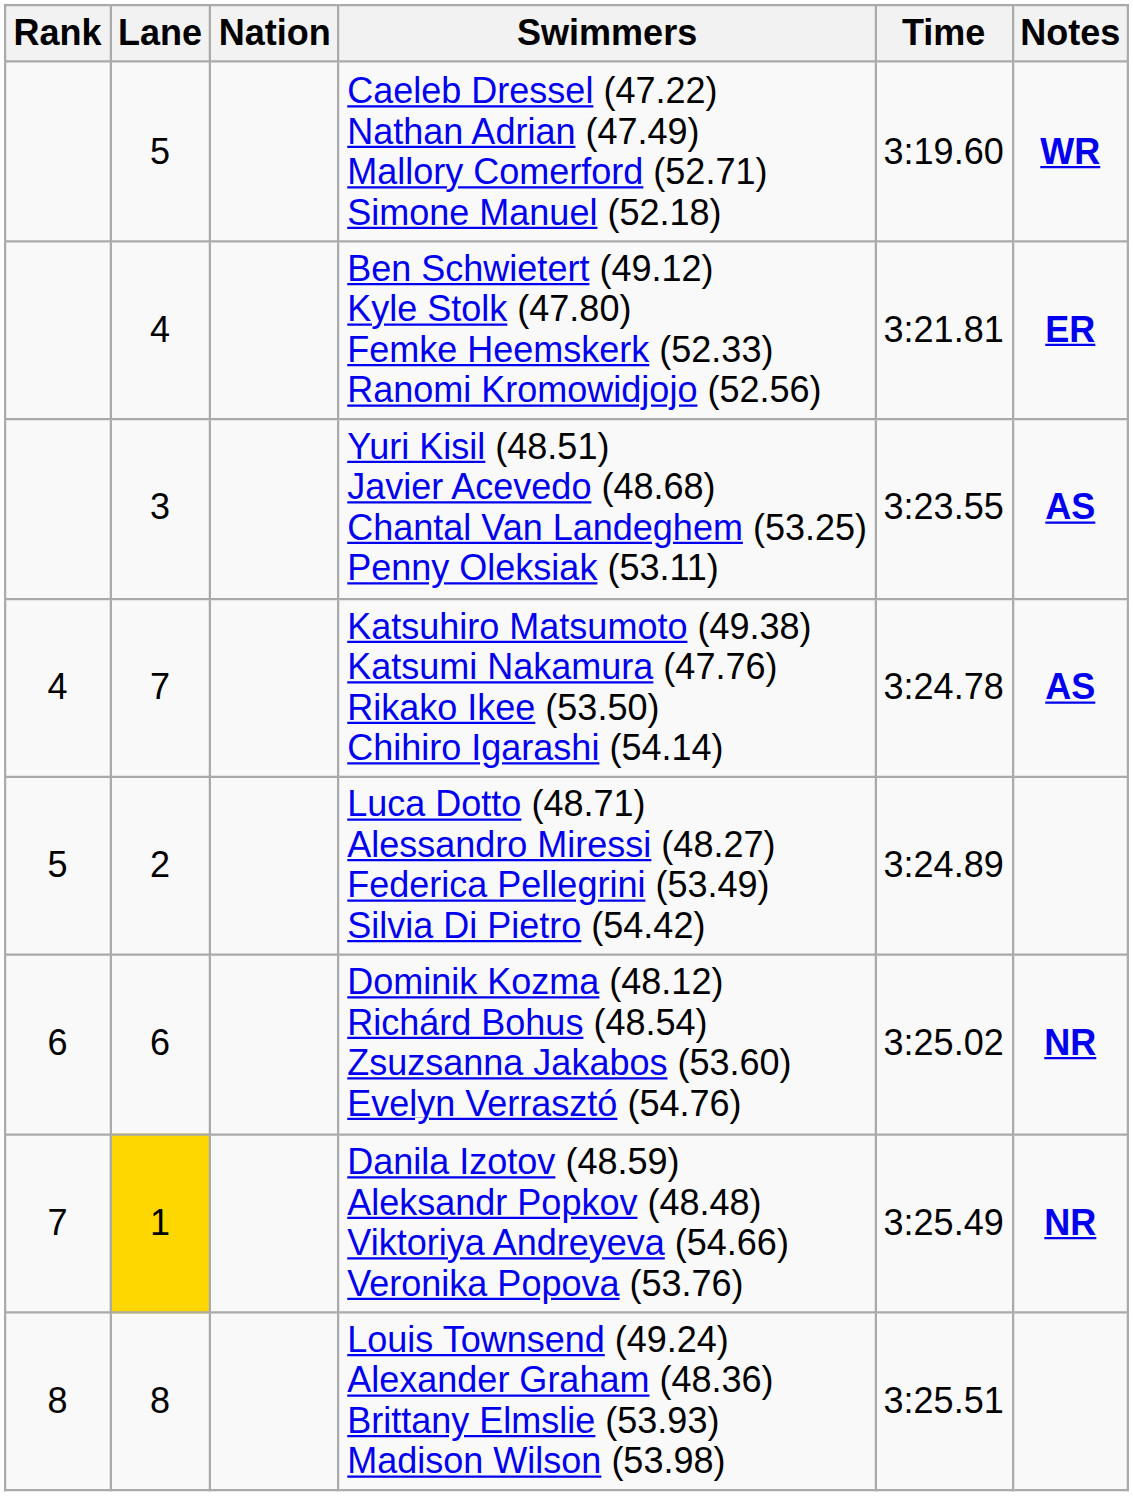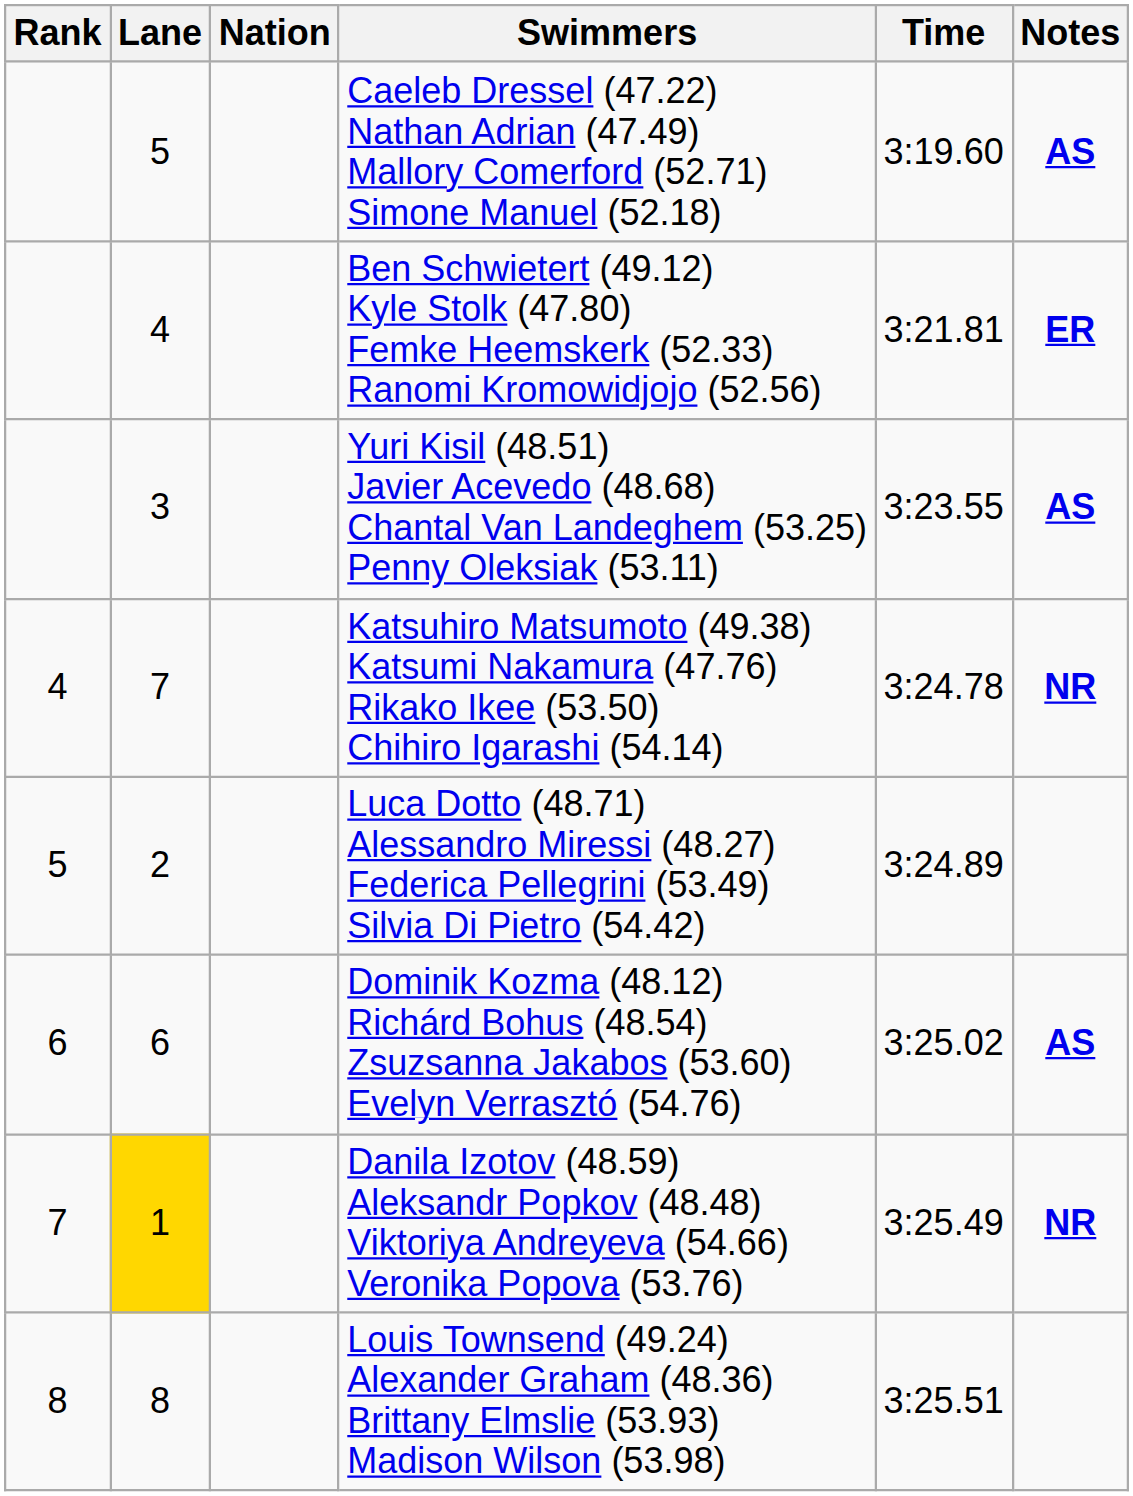 <table class="wikitable sortable" style="text-align:center">
 <tr>
 <th>Rank</th>
 <th>Lane</th>
 <th>Nation</th>
 <th>Swimmers</th>
 <th>Time</th>
 <th>Notes</th>
 </tr>
 <tr>
 <td></td>
 <td>5</td>
 <td align=left></td>
 <td align=left><a href='#'>Caeleb Dressel</a> (47.22)<br><a href='#'>Nathan Adrian</a> (47.49)<br><a href='#'>Mallory Comerford</a> (52.71)<br><a href='#'>Simone Manuel</a> (52.18)</td>
 <td>3:19.60</td>
-<td><strong><a href='#'>WR</a></strong></td>
+<td><strong><a href='#'>AS</a></strong></td>
 </tr>
 <tr>
 <td></td>
 <td>4</td>
 <td align=left></td>
 <td align=left><a href='#'>Ben Schwietert</a> (49.12)<br><a href='#'>Kyle Stolk</a> (47.80)<br><a href='#'>Femke Heemskerk</a> (52.33)<br><a href='#'>Ranomi Kromowidjojo</a> (52.56)</td>
 <td>3:21.81</td>
 <td><strong><a href='#'>ER</a></strong></td>
 </tr>
 <tr>
 <td></td>
 <td>3</td>
 <td align=left></td>
 <td align=left><a href='#'>Yuri Kisil</a> (48.51)<br><a href='#'>Javier Acevedo</a> (48.68)<br><a href='#'>Chantal Van Landeghem</a> (53.25)<br><a href='#'>Penny Oleksiak</a> (53.11)</td>
 <td>3:23.55</td>
 <td><strong><a href='#'>AS</a></strong></td>
 </tr>
 <tr>
 <td>4</td>
 <td>7</td>
 <td align=left></td>
 <td align=left><a href='#'>Katsuhiro Matsumoto</a> (49.38)<br><a href='#'>Katsumi Nakamura</a> (47.76)<br><a href='#'>Rikako Ikee</a> (53.50)<br><a href='#'>Chihiro Igarashi</a> (54.14)</td>
 <td>3:24.78</td>
-<td><strong><a href='#'>AS</a></strong></td>
+<td><strong><a href='#'>NR</a></strong></td>
 </tr>
 <tr>
 <td>5</td>
 <td>2</td>
 <td align=left></td>
 <td align=left><a href='#'>Luca Dotto</a> (48.71)<br><a href='#'>Alessandro Miressi</a> (48.27)<br><a href='#'>Federica Pellegrini</a> (53.49)<br><a href='#'>Silvia Di Pietro</a> (54.42)</td>
 <td>3:24.89</td>
 <td></td>
 </tr>
 <tr>
 <td>6</td>
 <td>6</td>
 <td align=left></td>
 <td align=left><a href='#'>Dominik Kozma</a> (48.12)<br><a href='#'>Richárd Bohus</a> (48.54)<br><a href='#'>Zsuzsanna Jakabos</a> (53.60)<br><a href='#'>Evelyn Verrasztó</a> (54.76)</td>
 <td>3:25.02</td>
-<td><strong><a href='#'>NR</a></strong></td>
+<td><strong><a href='#'>AS</a></strong></td>
 </tr>
 <tr>
 <td>7</td>
 <td style="background: gold;">1</td>
 <td align=left></td>
 <td align=left><a href='#'>Danila Izotov</a> (48.59)<br><a href='#'>Aleksandr Popkov</a> (48.48)<br><a href='#'>Viktoriya Andreyeva</a> (54.66)<br><a href='#'>Veronika Popova</a> (53.76)</td>
 <td>3:25.49</td>
 <td><strong><a href='#'>NR</a></strong></td>
 </tr>
 <tr>
 <td>8</td>
 <td>8</td>
 <td align=left></td>
 <td align=left><a href='#'>Louis Townsend</a> (49.24)<br><a href='#'>Alexander Graham</a> (48.36)<br><a href='#'>Brittany Elmslie</a> (53.93)<br><a href='#'>Madison Wilson</a> (53.98)</td>
 <td>3:25.51</td>
 <td></td>
 </tr>
 </table>
